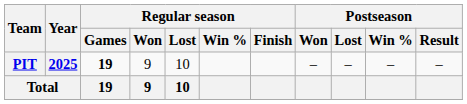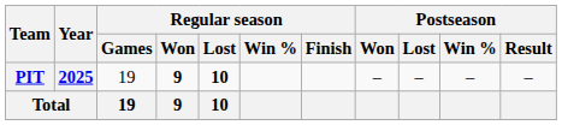 <table class="wikitable" style="font-size: 95%; text-align:center;">
 <tr>
 <th rowspan="2">Team</th>
 <th rowspan="2">Year</th>
 <th colspan="5">Regular season</th>
 <th colspan="4">Postseason</th>
 </tr>
 <tr>
 <th>Games</th>
 <th>Won</th>
 <th>Lost</th>
 <th>Win %</th>
 <th>Finish</th>
 <th>Won</th>
 <th>Lost</th>
 <th>Win %</th>
 <th>Result</th>
 </tr>
 <tr>
 <th><a href='#'>PIT</a></th>
 <th><a href='#'>2025</a></th>
-<td><strong>19</strong></td>
-<td>9</td>
-<td>10</td>
+<td>19</td>
+<td><strong>9</strong></td>
+<td><strong>10</strong></td>
 <td></td>
 <td></td>
 <td>–</td>
 <td>–</td>
 <td>–</td>
 <td>–</td>
 </tr>
 <tr>
 <th colspan="2">Total</th>
 <th>19</th>
 <th>9</th>
 <th>10</th>
 <th></th>
 <th></th>
 <th></th>
 <th></th>
 <th></th>
 <th></th>
 </tr>
 <tr>
 </tr>
 </table>
